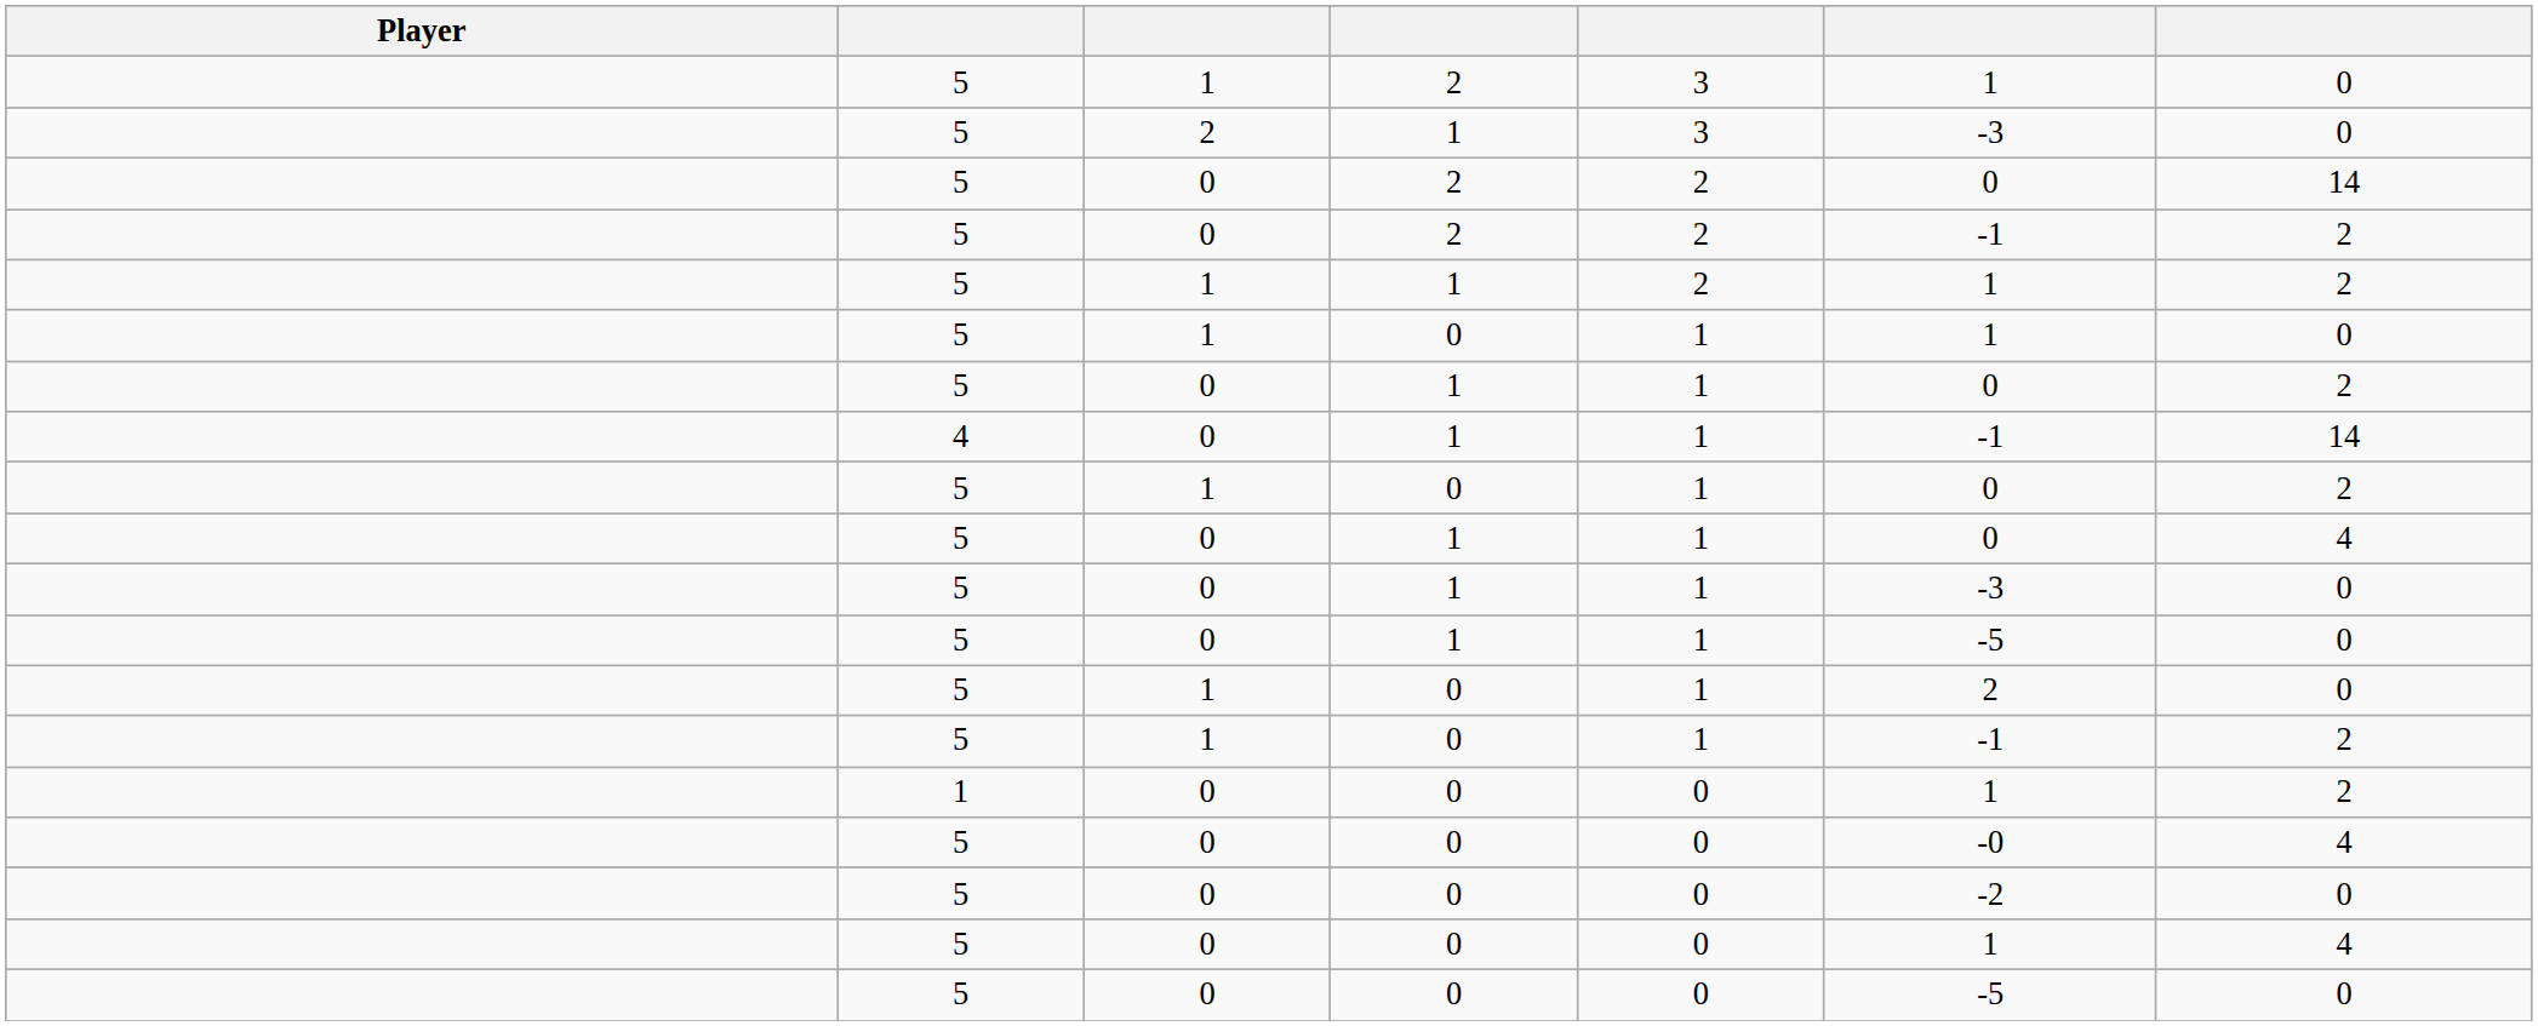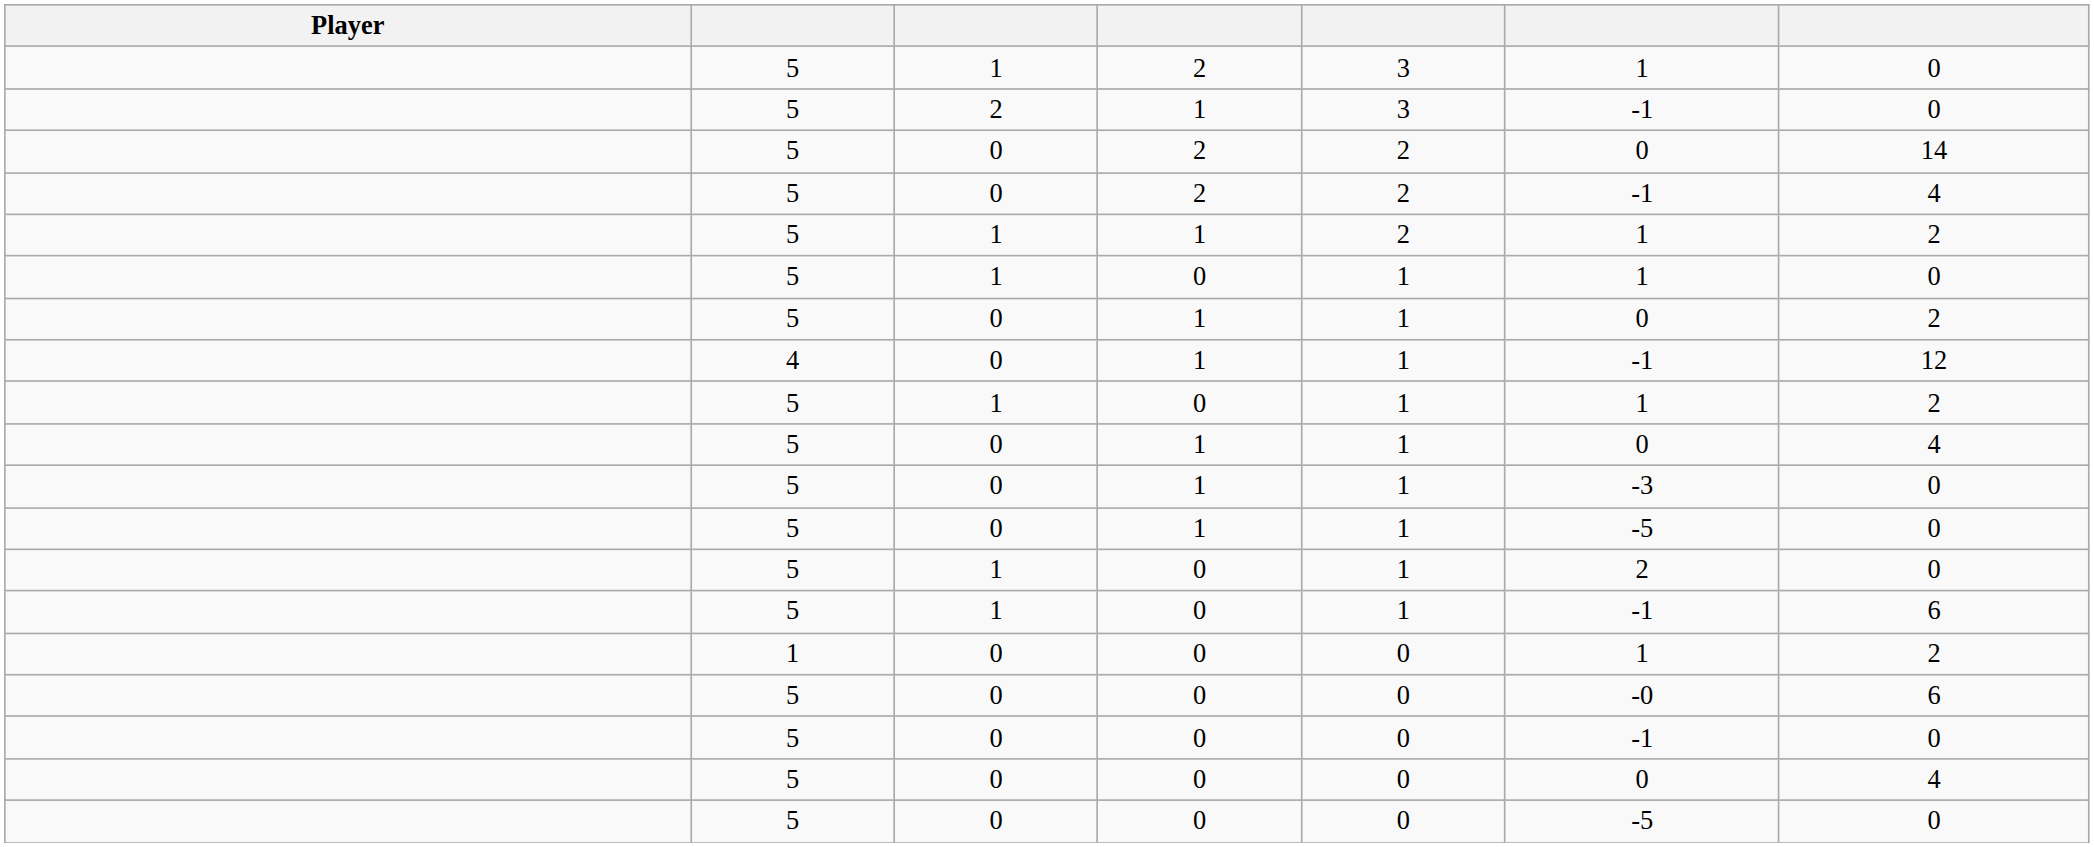 <table class="wikitable sortable" style="width:100%;">
 <tr align=center>
 <th>Player</th>
 <th></th>
 <th></th>
 <th></th>
 <th></th>
 <th data-sort-type="number"></th>
 <th></th>
 </tr>
 <tr align=center>
 <td></td>
 <td>5</td>
 <td>1</td>
 <td>2</td>
 <td>3</td>
 <td>1</td>
 <td>0</td>
 </tr>
 <tr align=center>
 <td></td>
 <td>5</td>
 <td>2</td>
 <td>1</td>
 <td>3</td>
-<td>-3</td>
+<td>-1</td>
 <td>0</td>
 </tr>
 <tr align=center>
 <td></td>
 <td>5</td>
 <td>0</td>
 <td>2</td>
 <td>2</td>
 <td>0</td>
 <td>14</td>
 </tr>
 <tr align=center>
 <td></td>
 <td>5</td>
 <td>0</td>
 <td>2</td>
 <td>2</td>
 <td>-1</td>
-<td>2</td>
+<td>4</td>
 </tr>
 <tr align=center>
 <td></td>
 <td>5</td>
 <td>1</td>
 <td>1</td>
 <td>2</td>
 <td>1</td>
 <td>2</td>
 </tr>
 <tr align=center>
 <td></td>
 <td>5</td>
 <td>1</td>
 <td>0</td>
 <td>1</td>
 <td>1</td>
 <td>0</td>
 </tr>
 <tr align=center>
 <td></td>
 <td>5</td>
 <td>0</td>
 <td>1</td>
 <td>1</td>
 <td>0</td>
 <td>2</td>
 </tr>
 <tr align=center>
 <td></td>
 <td>4</td>
 <td>0</td>
 <td>1</td>
 <td>1</td>
 <td>-1</td>
-<td>14</td>
+<td>12</td>
 </tr>
 <tr align=center>
 <td></td>
 <td>5</td>
 <td>1</td>
 <td>0</td>
 <td>1</td>
-<td>0</td>
+<td>1</td>
 <td>2</td>
 </tr>
 <tr align=center>
 <td></td>
 <td>5</td>
 <td>0</td>
 <td>1</td>
 <td>1</td>
 <td>0</td>
 <td>4</td>
 </tr>
 <tr align=center>
 <td></td>
 <td>5</td>
 <td>0</td>
 <td>1</td>
 <td>1</td>
 <td>-3</td>
 <td>0</td>
 </tr>
 <tr align=center>
 <td></td>
 <td>5</td>
 <td>0</td>
 <td>1</td>
 <td>1</td>
 <td>-5</td>
 <td>0</td>
 </tr>
 <tr align=center>
 <td></td>
 <td>5</td>
 <td>1</td>
 <td>0</td>
 <td>1</td>
 <td>2</td>
 <td>0</td>
 </tr>
 <tr align=center>
 <td></td>
 <td>5</td>
 <td>1</td>
 <td>0</td>
 <td>1</td>
 <td>-1</td>
-<td>2</td>
+<td>6</td>
 </tr>
 <tr align=center>
 <td></td>
 <td>1</td>
 <td>0</td>
 <td>0</td>
 <td>0</td>
 <td>1</td>
 <td>2</td>
 </tr>
 <tr align=center>
 <td></td>
 <td>5</td>
 <td>0</td>
 <td>0</td>
 <td>0</td>
 <td>-0</td>
-<td>4</td>
+<td>6</td>
 </tr>
 <tr align=center>
 <td></td>
 <td>5</td>
 <td>0</td>
 <td>0</td>
 <td>0</td>
-<td>-2</td>
+<td>-1</td>
 <td>0</td>
 </tr>
 <tr align=center>
 <td></td>
 <td>5</td>
 <td>0</td>
 <td>0</td>
 <td>0</td>
-<td>1</td>
+<td>0</td>
 <td>4</td>
 </tr>
 <tr align=center>
 <td></td>
 <td>5</td>
 <td>0</td>
 <td>0</td>
 <td>0</td>
 <td>-5</td>
 <td>0</td>
 </tr>
 </table>
